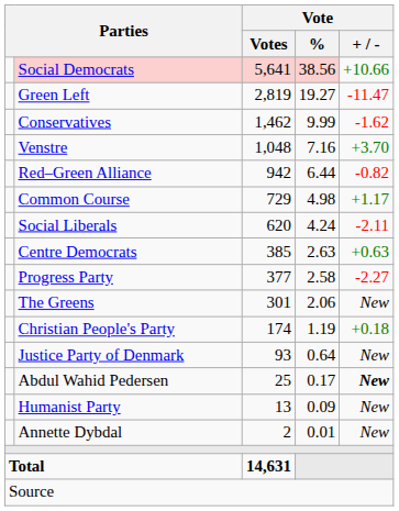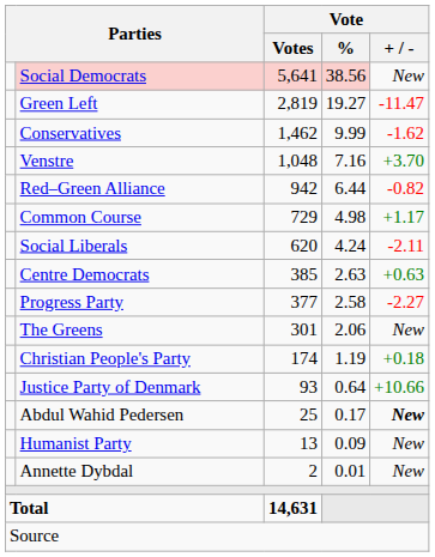 <table class="wikitable" style="text-align:right;">
 <tr>
 <th style="text-align:centre;" rowspan="2" colspan="2" width="225">Parties</th>
 <th colspan="3">Vote</th>
 </tr>
 <tr>
 <th width="15">Votes</th>
 <th width="15">%</th>
 <th width="15">+ / -</th>
 </tr>
 <tr>
 <td width="2" style="color:inherit;background:"></td>
 <td bgcolor=#fbd0ce  align="left"><a href='#'>Social Democrats</a></td>
 <td bgcolor=#fbd0ce>5,641</td>
 <td bgcolor=#fbd0ce>38.56</td>
-<td style=color:green;>+10.66</td>
+<td><em>New</em></td>
 </tr>
 <tr>
 <td width="2" style="color:inherit;background:"></td>
 <td align="left"><a href='#'>Green Left</a></td>
 <td>2,819</td>
 <td>19.27</td>
 <td style=color:red;>-11.47</td>
 </tr>
 <tr>
 <td width="2" style="color:inherit;background:"></td>
 <td align="left"><a href='#'>Conservatives</a></td>
 <td>1,462</td>
 <td>9.99</td>
 <td style=color:red;>-1.62</td>
 </tr>
 <tr>
 <td width="2" style="color:inherit;background:"></td>
 <td align="left"><a href='#'>Venstre</a></td>
 <td>1,048</td>
 <td>7.16</td>
 <td style=color:green;>+3.70</td>
 </tr>
 <tr>
 <td width="2" style="color:inherit;background:"></td>
 <td align="left"><a href='#'>Red–Green Alliance</a></td>
 <td>942</td>
 <td>6.44</td>
 <td style=color:red;>-0.82</td>
 </tr>
 <tr>
 <td width="2" style="color:inherit;background:"></td>
 <td align="left"><a href='#'>Common Course</a></td>
 <td>729</td>
 <td>4.98</td>
 <td style=color:green;>+1.17</td>
 </tr>
 <tr>
 <td width="2" style="color:inherit;background:"></td>
 <td align="left"><a href='#'>Social Liberals</a></td>
 <td>620</td>
 <td>4.24</td>
 <td style=color:red;>-2.11</td>
 </tr>
 <tr>
 <td width="2" style="color:inherit;background:"></td>
 <td align="left"><a href='#'>Centre Democrats</a></td>
 <td>385</td>
 <td>2.63</td>
 <td style=color:green;>+0.63</td>
 </tr>
 <tr>
 <td width="2" style="color:inherit;background:"></td>
 <td align="left"><a href='#'>Progress Party</a></td>
 <td>377</td>
 <td>2.58</td>
 <td style=color:red;>-2.27</td>
 </tr>
 <tr>
 <td width="2" style="color:inherit;background:"></td>
 <td align="left"><a href='#'>The Greens</a></td>
 <td>301</td>
 <td>2.06</td>
 <td><em>New</em></td>
 </tr>
 <tr>
 <td width="2" style="color:inherit;background:"></td>
 <td align="left"><a href='#'>Christian People's Party</a></td>
 <td>174</td>
 <td>1.19</td>
 <td style=color:green;>+0.18</td>
 </tr>
 <tr>
 <td width="2" style="color:inherit;background:"></td>
 <td align="left"><a href='#'>Justice Party of Denmark</a></td>
 <td>93</td>
 <td>0.64</td>
-<td><em>New</em></td>
+<td style=color:green;>+10.66</td>
 </tr>
 <tr>
 <td width="2" style="color:inherit;background:"></td>
 <td align="left">Abdul Wahid Pedersen</td>
 <td>25</td>
 <td>0.17</td>
 <td><strong><em>New</em></strong></td>
 </tr>
 <tr>
 <td width="2" style="color:inherit;background:"></td>
 <td align="left"><a href='#'>Humanist Party</a></td>
 <td>13</td>
 <td>0.09</td>
 <td><em>New</em></td>
 </tr>
 <tr>
 <td width="2" style="color:inherit;background:"></td>
 <td align="left">Annette Dybdal</td>
 <td>2</td>
 <td>0.01</td>
 <td><em>New</em></td>
 </tr>
 <tr>
 <td colspan="7" bgcolor="#E9E9E9"></td>
 </tr>
 <tr>
 <td align="left" colspan="2"><strong>Total</strong></td>
 <td><strong>14,631</strong></td>
 <td bgcolor="#E9E9E9" colspan="2"></td>
 </tr>
 <tr>
 <td align="left" colspan="6">Source</td>
 </tr>
 </table>
